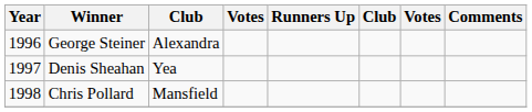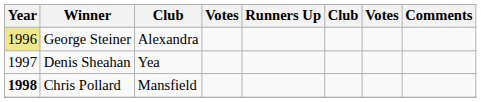 <table class="wikitable sortable">
 <tr>
 <th>Year</th>
 <th><span><strong>Winner</strong></span></th>
 <th>Club</th>
 <th>Votes</th>
 <th>Runners Up</th>
 <th>Club</th>
 <th>Votes</th>
 <th>Comments</th>
 </tr>
 <tr>
-<td>1996</td>
+<td style="background: khaki;">1996</td>
 <td>George Steiner</td>
 <td>Alexandra</td>
 <td></td>
 <td></td>
 <td></td>
 <td></td>
 <td></td>
 </tr>
 <tr>
 <td>1997</td>
 <td>Denis Sheahan</td>
 <td>Yea</td>
 <td></td>
 <td></td>
 <td></td>
 <td></td>
 <td></td>
 </tr>
 <tr>
-<td>1998</td>
+<td><strong>1998</strong></td>
 <td>Chris Pollard</td>
 <td>Mansfield</td>
 <td></td>
 <td></td>
 <td></td>
 <td></td>
 <td></td>
 </tr>
 <tr>
 </tr>
 </table>
